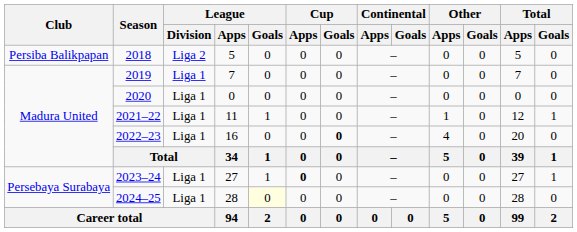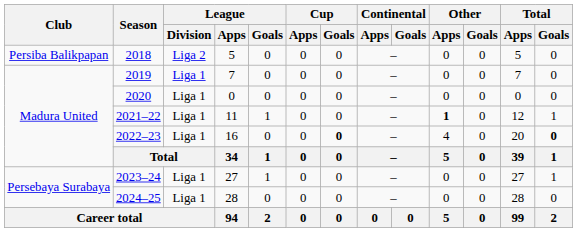 <table class="wikitable" style="text-align:center">
 <tr>
 <th rowspan="2">Club</th>
 <th rowspan="2">Season</th>
 <th colspan="3">League</th>
 <th colspan="2">Cup</th>
 <th colspan="2">Continental</th>
 <th colspan="2">Other</th>
 <th colspan="2">Total</th>
 </tr>
 <tr>
 <th>Division</th>
 <th>Apps</th>
 <th>Goals</th>
 <th>Apps</th>
 <th>Goals</th>
 <th>Apps</th>
 <th>Goals</th>
 <th>Apps</th>
 <th>Goals</th>
 <th>Apps</th>
 <th>Goals</th>
 </tr>
 <tr>
 <td rowspan="1" valign="center"><a href='#'>Persiba Balikpapan</a></td>
 <td><a href='#'>2018</a></td>
 <td><a href='#'>Liga 2</a></td>
 <td>5</td>
 <td>0</td>
 <td>0</td>
 <td>0</td>
 <td colspan="2">–</td>
 <td>0</td>
 <td>0</td>
 <td>5</td>
 <td>0</td>
 </tr>
 <tr>
 <td rowspan="5" valign="center"><a href='#'>Madura United</a></td>
 <td><a href='#'>2019</a></td>
 <td rowspan="1" valign="center"><a href='#'>Liga 1</a></td>
 <td>7</td>
 <td>0</td>
 <td>0</td>
 <td>0</td>
 <td colspan="2">–</td>
 <td>0</td>
 <td>0</td>
 <td>7</td>
 <td>0</td>
 </tr>
 <tr>
 <td><a href='#'>2020</a></td>
 <td rowspan="1" valign="center">Liga 1</td>
 <td>0</td>
 <td>0</td>
 <td>0</td>
 <td>0</td>
 <td colspan="2">–</td>
 <td>0</td>
 <td>0</td>
 <td>0</td>
 <td>0</td>
 </tr>
 <tr>
 <td><a href='#'>2021–22</a></td>
 <td rowspan="1" valign="center">Liga 1</td>
 <td>11</td>
 <td>1</td>
 <td>0</td>
 <td>0</td>
 <td colspan="2">–</td>
-<td>1</td>
+<td><strong>1</strong></td>
 <td>0</td>
 <td>12</td>
 <td>1</td>
 </tr>
 <tr>
 <td><a href='#'>2022–23</a></td>
 <td>Liga 1</td>
 <td>16</td>
 <td>0</td>
 <td>0</td>
 <td><strong>0</strong></td>
 <td colspan="2">–</td>
 <td>4</td>
 <td>0</td>
 <td>20</td>
-<td>0</td>
+<td><strong>0</strong></td>
 </tr>
 <tr>
 <th colspan="2">Total</th>
 <th>34</th>
 <th>1</th>
 <th>0</th>
 <th>0</th>
 <th colspan="2">–</th>
 <th>5</th>
 <th>0</th>
 <th>39</th>
 <th>1</th>
 </tr>
 <tr>
 <td rowspan="2"><a href='#'>Persebaya Surabaya</a></td>
 <td><a href='#'>2023–24</a></td>
 <td rowspan="1" valign="center">Liga 1</td>
 <td>27</td>
 <td>1</td>
-<td><strong>0</strong></td>
+<td>0</td>
 <td>0</td>
 <td colspan="2">–</td>
 <td>0</td>
 <td>0</td>
 <td>27</td>
 <td>1</td>
 </tr>
 <tr>
 <td><a href='#'>2024–25</a></td>
 <td rowspan="1" valign="center">Liga 1</td>
 <td>28</td>
-<td style="background: lightyellow;">0</td>
+<td>0</td>
 <td>0</td>
 <td>0</td>
 <td colspan="2">–</td>
 <td>0</td>
 <td>0</td>
 <td>28</td>
 <td>0</td>
 </tr>
 <tr>
 <th colspan="3">Career total</th>
 <th>94</th>
 <th>2</th>
 <th>0</th>
 <th>0</th>
 <th>0</th>
 <th>0</th>
 <th>5</th>
 <th>0</th>
 <th>99</th>
 <th>2</th>
 </tr>
 </table>
